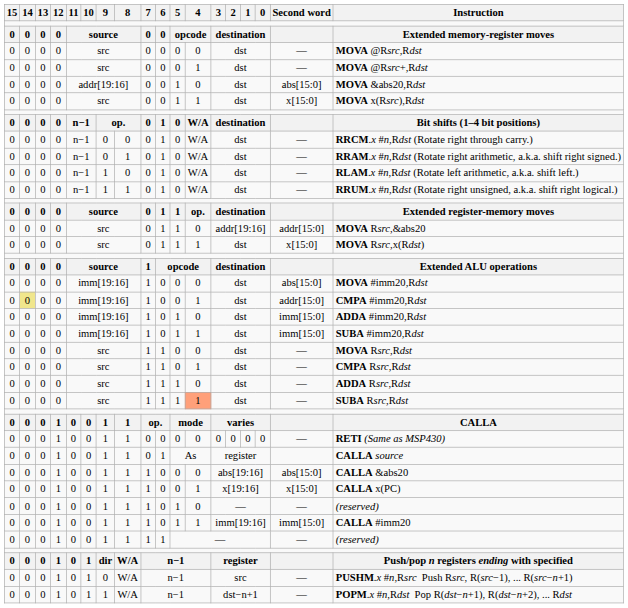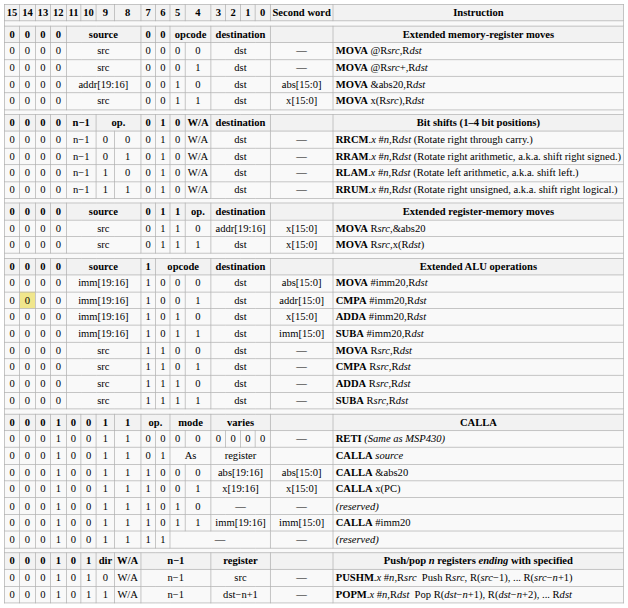 <table class="wikitable" style="text-align:center">
 <tr>
 <th width=15pt>15</th>
 <th width=15pt>14</th>
 <th width=15pt>13</th>
 <th width=15pt>12</th>
 <th width=15pt>11</th>
 <th width=15pt>10</th>
 <th width=15pt>9</th>
 <th width=15pt>8</th>
 <th width=15pt>7</th>
 <th width=15pt>6</th>
 <th width=15pt>5</th>
 <th width=15pt>4</th>
 <th width=15pt>3</th>
 <th width=15pt>2</th>
 <th width=15pt>1</th>
 <th width=15pt>0</th>
 <th>Second word</th>
 <th>Instruction</th>
 </tr>
 <tr>
 <td colspan=18></td>
 </tr>
 <tr>
 <th>0</th>
 <th>0</th>
 <th>0</th>
 <th>0</th>
 <th colspan=4>source</th>
 <th>0</th>
 <th>0</th>
 <th colspan=2>opcode</th>
 <th colspan=4>destination</th>
 <th></th>
 <th>Extended memory-register moves</th>
 </tr>
 <tr>
 <td>0</td>
 <td>0</td>
 <td>0</td>
 <td>0</td>
 <td colspan=4>src</td>
 <td>0</td>
 <td>0</td>
 <td>0</td>
 <td>0</td>
 <td colspan=4>dst</td>
 <td>—</td>
 <td align=left><strong>MOVA</strong> @R<em>src</em>,R<em>dst</em></td>
 </tr>
 <tr>
 <td>0</td>
 <td>0</td>
 <td>0</td>
 <td>0</td>
 <td colspan=4>src</td>
 <td>0</td>
 <td>0</td>
 <td>0</td>
 <td>1</td>
 <td colspan=4>dst</td>
 <td>—</td>
 <td align=left><strong>MOVA</strong> @R<em>src</em>+,R<em>dst</em></td>
 </tr>
 <tr>
 <td>0</td>
 <td>0</td>
 <td>0</td>
 <td>0</td>
 <td colspan=4>addr[19:16]</td>
 <td>0</td>
 <td>0</td>
 <td>1</td>
 <td>0</td>
 <td colspan=4>dst</td>
 <td>abs[15:0]</td>
 <td align=left><strong>MOVA</strong> &abs20,R<em>dst</em></td>
 </tr>
 <tr>
 <td>0</td>
 <td>0</td>
 <td>0</td>
 <td>0</td>
 <td colspan=4>src</td>
 <td>0</td>
 <td>0</td>
 <td>1</td>
 <td>1</td>
 <td colspan=4>dst</td>
 <td>x[15:0]</td>
 <td align=left><strong>MOVA</strong> x(R<em>src</em>),R<em>dst</em></td>
 </tr>
 <tr>
 <td colspan=18></td>
 </tr>
 <tr>
 <th>0</th>
 <th>0</th>
 <th>0</th>
 <th>0</th>
 <th colspan=2>n−1</th>
 <th colspan=2>op.</th>
 <th>0</th>
 <th>1</th>
 <th>0</th>
 <th>W/A</th>
 <th colspan=4>destination</th>
 <th></th>
 <th>Bit shifts (1–4 bit positions)</th>
 </tr>
 <tr>
 <td>0</td>
 <td>0</td>
 <td>0</td>
 <td>0</td>
 <td colspan=2>n−1</td>
 <td>0</td>
 <td>0</td>
 <td>0</td>
 <td>1</td>
 <td>0</td>
 <td>W/A</td>
 <td colspan=4>dst</td>
 <td>—</td>
 <td align=left><strong>RRCM</strong>.<em>x</em> #<em>n</em>,R<em>dst</em> (Rotate right through carry.)</td>
 </tr>
 <tr>
 <td>0</td>
 <td>0</td>
 <td>0</td>
 <td>0</td>
 <td colspan=2>n−1</td>
 <td>0</td>
 <td>1</td>
 <td>0</td>
 <td>1</td>
 <td>0</td>
 <td>W/A</td>
 <td colspan=4>dst</td>
 <td>—</td>
 <td align=left><strong>RRAM</strong>.<em>x</em> #<em>n</em>,R<em>dst</em> (Rotate right arithmetic, a.k.a. shift right signed.)</td>
 </tr>
 <tr>
 <td>0</td>
 <td>0</td>
 <td>0</td>
 <td>0</td>
 <td colspan=2>n−1</td>
 <td>1</td>
 <td>0</td>
 <td>0</td>
 <td>1</td>
 <td>0</td>
 <td>W/A</td>
 <td colspan=4>dst</td>
 <td>—</td>
 <td align=left><strong>RLAM</strong>.<em>x</em> #<em>n</em>,R<em>dst</em> (Rotate left arithmetic, a.k.a. shift left.)</td>
 </tr>
 <tr>
 <td>0</td>
 <td>0</td>
 <td>0</td>
 <td>0</td>
 <td colspan=2>n−1</td>
 <td>1</td>
 <td>1</td>
 <td>0</td>
 <td>1</td>
 <td>0</td>
 <td>W/A</td>
 <td colspan=4>dst</td>
 <td>—</td>
 <td align=left><strong>RRUM</strong>.<em>x</em> #<em>n</em>,R<em>dst</em> (Rotate right unsigned, a.k.a. shift right logical.)</td>
 </tr>
 <tr>
 <td colspan=18></td>
 </tr>
 <tr>
 <th>0</th>
 <th>0</th>
 <th>0</th>
 <th>0</th>
 <th colspan=4>source</th>
 <th>0</th>
 <th>1</th>
 <th>1</th>
 <th>op.</th>
 <th colspan=4>destination</th>
 <th></th>
 <th>Extended register-memory moves</th>
 </tr>
 <tr>
 <td>0</td>
 <td>0</td>
 <td>0</td>
 <td>0</td>
 <td colspan=4>src</td>
 <td>0</td>
 <td>1</td>
 <td>1</td>
 <td>0</td>
 <td colspan=4>addr[19:16]</td>
-<td>addr[15:0]</td>
+<td>x[15:0]</td>
 <td align=left><strong>MOVA</strong> R<em>src</em>,&abs20</td>
 </tr>
 <tr>
 <td>0</td>
 <td>0</td>
 <td>0</td>
 <td>0</td>
 <td colspan=4>src</td>
 <td>0</td>
 <td>1</td>
 <td>1</td>
 <td>1</td>
 <td colspan=4>dst</td>
 <td>x[15:0]</td>
 <td align=left><strong>MOVA</strong> R<em>src</em>,x(R<em>dst</em>)</td>
 </tr>
 <tr>
 <td colspan=18></td>
 </tr>
 <tr>
 <th>0</th>
 <th>0</th>
 <th>0</th>
 <th>0</th>
 <th colspan=4>source</th>
 <th>1</th>
 <th colspan=3>opcode</th>
 <th colspan=4>destination</th>
 <th></th>
 <th>Extended ALU operations</th>
 </tr>
 <tr>
 <td>0</td>
 <td>0</td>
 <td>0</td>
 <td>0</td>
 <td colspan=4>imm[19:16]</td>
 <td>1</td>
 <td>0</td>
 <td>0</td>
 <td>0</td>
 <td colspan=4>dst</td>
 <td>abs[15:0]</td>
 <td align=left><strong>MOVA</strong> #imm20,R<em>dst</em></td>
 </tr>
 <tr>
 <td>0</td>
 <td style="background: khaki;">0</td>
 <td>0</td>
 <td>0</td>
 <td colspan=4>imm[19:16]</td>
 <td>1</td>
 <td>0</td>
 <td>0</td>
 <td>1</td>
 <td colspan=4>dst</td>
 <td>addr[15:0]</td>
 <td align=left><strong>CMPA</strong> #imm20,R<em>dst</em></td>
 </tr>
 <tr>
 <td>0</td>
 <td>0</td>
 <td>0</td>
 <td>0</td>
 <td colspan=4>imm[19:16]</td>
 <td>1</td>
 <td>0</td>
 <td>1</td>
 <td>0</td>
 <td colspan=4>dst</td>
-<td>imm[15:0]</td>
+<td>x[15:0]</td>
 <td align=left><strong>ADDA</strong> #imm20,R<em>dst</em></td>
 </tr>
 <tr>
 <td>0</td>
 <td>0</td>
 <td>0</td>
 <td>0</td>
 <td colspan=4>imm[19:16]</td>
 <td>1</td>
 <td>0</td>
 <td>1</td>
 <td>1</td>
 <td colspan=4>dst</td>
 <td>imm[15:0]</td>
 <td align=left><strong>SUBA</strong> #imm20,R<em>dst</em></td>
 </tr>
 <tr>
 <td>0</td>
 <td>0</td>
 <td>0</td>
 <td>0</td>
 <td colspan=4>src</td>
 <td>1</td>
 <td>1</td>
 <td>0</td>
 <td>0</td>
 <td colspan=4>dst</td>
 <td>—</td>
 <td align=left><strong>MOVA</strong> R<em>src</em>,R<em>dst</em></td>
 </tr>
 <tr>
 <td>0</td>
 <td>0</td>
 <td>0</td>
 <td>0</td>
 <td colspan=4>src</td>
 <td>1</td>
 <td>1</td>
 <td>0</td>
 <td>1</td>
 <td colspan=4>dst</td>
 <td>—</td>
 <td align=left><strong>CMPA</strong> R<em>src</em>,R<em>dst</em></td>
 </tr>
 <tr>
 <td>0</td>
 <td>0</td>
 <td>0</td>
 <td>0</td>
 <td colspan=4>src</td>
 <td>1</td>
 <td>1</td>
 <td>1</td>
 <td>0</td>
 <td colspan=4>dst</td>
 <td>—</td>
 <td align=left><strong>ADDA</strong> R<em>src</em>,R<em>dst</em></td>
 </tr>
 <tr>
 <td>0</td>
 <td>0</td>
 <td>0</td>
 <td>0</td>
 <td colspan=4>src</td>
 <td>1</td>
 <td>1</td>
 <td>1</td>
-<td style="background: lightsalmon;">1</td>
+<td>1</td>
 <td colspan=4>dst</td>
 <td>—</td>
 <td align=left><strong>SUBA</strong> R<em>src</em>,R<em>dst</em></td>
 </tr>
 <tr>
 <td colspan=18></td>
 </tr>
 <tr>
 <th>0</th>
 <th>0</th>
 <th>0</th>
 <th>1</th>
 <th>0</th>
 <th>0</th>
 <th>1</th>
 <th>1</th>
 <th colspan=2>op.</th>
 <th colspan=2>mode</th>
 <th colspan=4>varies</th>
 <th></th>
 <th>CALLA</th>
 </tr>
 <tr>
 <td>0</td>
 <td>0</td>
 <td>0</td>
 <td>1</td>
 <td>0</td>
 <td>0</td>
 <td>1</td>
 <td>1</td>
 <td>0</td>
 <td>0</td>
 <td>0</td>
 <td>0</td>
 <td>0</td>
 <td>0</td>
 <td>0</td>
 <td>0</td>
 <td>—</td>
 <td align=left><strong>RETI</strong> <em>(Same as MSP430)</em></td>
 </tr>
 <tr>
 <td>0</td>
 <td>0</td>
 <td>0</td>
 <td>1</td>
 <td>0</td>
 <td>0</td>
 <td>1</td>
 <td>1</td>
 <td>0</td>
 <td>1</td>
 <td colspan=2>As</td>
 <td colspan=4>register</td>
 <td></td>
 <td align=left><strong>CALLA</strong> <em>source</em></td>
 </tr>
 <tr>
 <td>0</td>
 <td>0</td>
 <td>0</td>
 <td>1</td>
 <td>0</td>
 <td>0</td>
 <td>1</td>
 <td>1</td>
 <td>1</td>
 <td>0</td>
 <td>0</td>
 <td>0</td>
 <td colspan=4>abs[19:16]</td>
 <td>abs[15:0]</td>
 <td align=left><strong>CALLA</strong> &abs20</td>
 </tr>
 <tr>
 <td>0</td>
 <td>0</td>
 <td>0</td>
 <td>1</td>
 <td>0</td>
 <td>0</td>
 <td>1</td>
 <td>1</td>
 <td>1</td>
 <td>0</td>
 <td>0</td>
 <td>1</td>
 <td colspan=4>x[19:16]</td>
 <td>x[15:0]</td>
 <td align=left><strong>CALLA</strong> x(PC)</td>
 </tr>
 <tr>
 <td>0</td>
 <td>0</td>
 <td>0</td>
 <td>1</td>
 <td>0</td>
 <td>0</td>
 <td>1</td>
 <td>1</td>
 <td>1</td>
 <td>0</td>
 <td>1</td>
 <td>0</td>
 <td colspan=4>—</td>
 <td>—</td>
 <td align=left><em>(reserved)</em></td>
 </tr>
 <tr>
 <td>0</td>
 <td>0</td>
 <td>0</td>
 <td>1</td>
 <td>0</td>
 <td>0</td>
 <td>1</td>
 <td>1</td>
 <td>1</td>
 <td>0</td>
 <td>1</td>
 <td>1</td>
 <td colspan=4>imm[19:16]</td>
 <td>imm[15:0]</td>
 <td align=left><strong>CALLA</strong> #imm20</td>
 </tr>
 <tr>
 <td>0</td>
 <td>0</td>
 <td>0</td>
 <td>1</td>
 <td>0</td>
 <td>0</td>
 <td>1</td>
 <td>1</td>
 <td>1</td>
 <td>1</td>
 <td colspan=6>—</td>
 <td>—</td>
 <td align=left><em>(reserved)</em></td>
 </tr>
 <tr>
 <td colspan=18></td>
 </tr>
 <tr>
 <th>0</th>
 <th>0</th>
 <th>0</th>
 <th>1</th>
 <th>0</th>
 <th>1</th>
 <th>dir</th>
 <th>W/A</th>
 <th colspan=4>n−1</th>
 <th colspan=4>register</th>
 <th></th>
 <th>Push/pop <em>n</em> registers <em>ending</em> with specified</th>
 </tr>
 <tr>
 <td>0</td>
 <td>0</td>
 <td>0</td>
 <td>1</td>
 <td>0</td>
 <td>1</td>
 <td>0</td>
 <td>W/A</td>
 <td colspan=4>n−1</td>
 <td colspan=4>src</td>
 <td>—</td>
 <td align=left><strong>PUSHM</strong>.<em>x</em> #<em>n</em>,R<em>src</em>  Push R<em>src</em>, R(<em>src</em>−1), ... R(<em>src</em>−<em>n</em>+1)</td>
 </tr>
 <tr>
 <td>0</td>
 <td>0</td>
 <td>0</td>
 <td>1</td>
 <td>0</td>
 <td>1</td>
 <td>1</td>
 <td>W/A</td>
 <td colspan=4>n−1</td>
 <td colspan=4>dst−n+1</td>
 <td>—</td>
 <td align=left><strong>POPM</strong>.<em>x</em> #<em>n</em>,R<em>dst</em>  Pop R(<em>dst</em>−<em>n</em>+1), R(<em>dst</em>−<em>n</em>+2), ... R<em>dst</em></td>
 </tr>
 </table>
